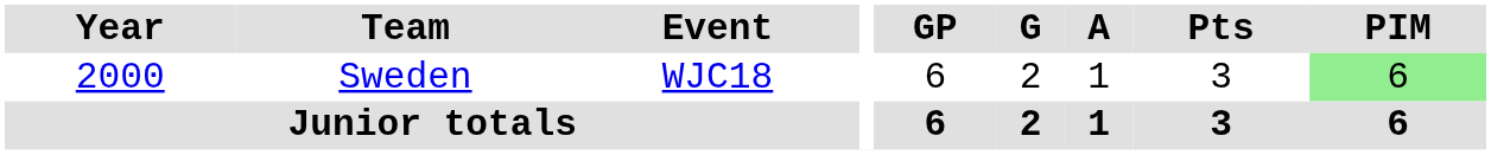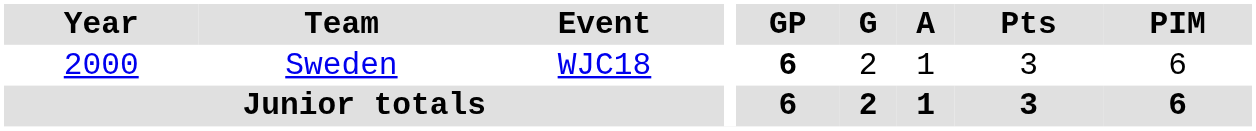 <table border="0" cellpadding="1" cellspacing="0" ID="Table3" style="text-align:center; width:40em">
 <tr ALIGN="center" bgcolor="#e0e0e0">
 <th>Year</th>
 <th>Team</th>
 <th>Event</th>
 <th rowspan="99" bgcolor="#ffffff"></th>
 <th>GP</th>
 <th>G</th>
 <th>A</th>
 <th>Pts</th>
 <th>PIM</th>
 </tr>
 <tr>
 <td><a href='#'>2000</a></td>
 <td><a href='#'>Sweden</a></td>
 <td><a href='#'>WJC18</a></td>
-<td>6</td>
+<td><strong>6</strong></td>
 <td>2</td>
 <td>1</td>
 <td>3</td>
-<td style="background: lightgreen;">6</td>
+<td>6</td>
 </tr>
 <tr bgcolor="#e0e0e0">
 <th colspan="3">Junior totals</th>
 <th>6</th>
 <th>2</th>
 <th>1</th>
 <th>3</th>
 <th>6</th>
 </tr>
 </table>
